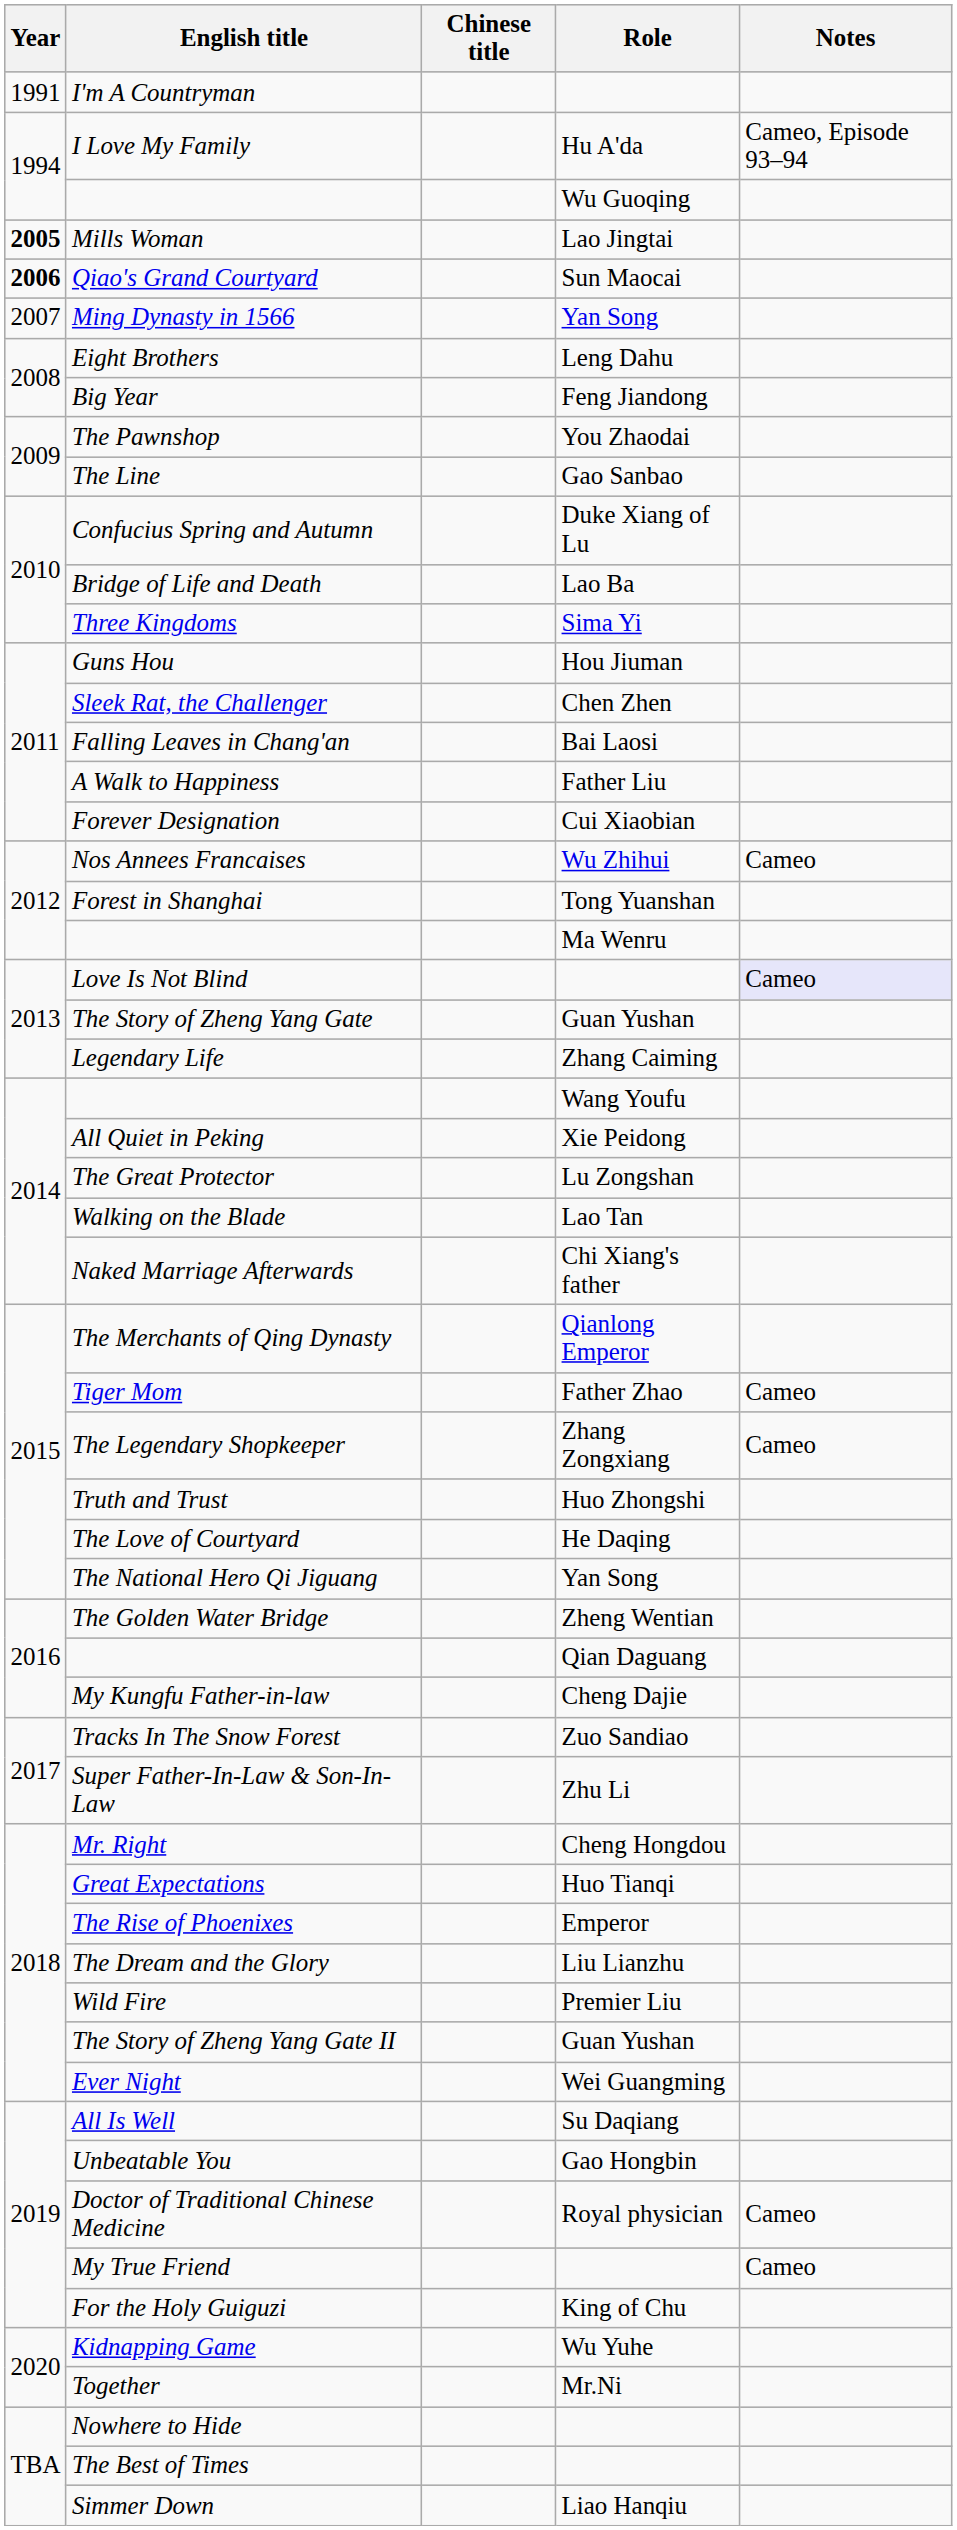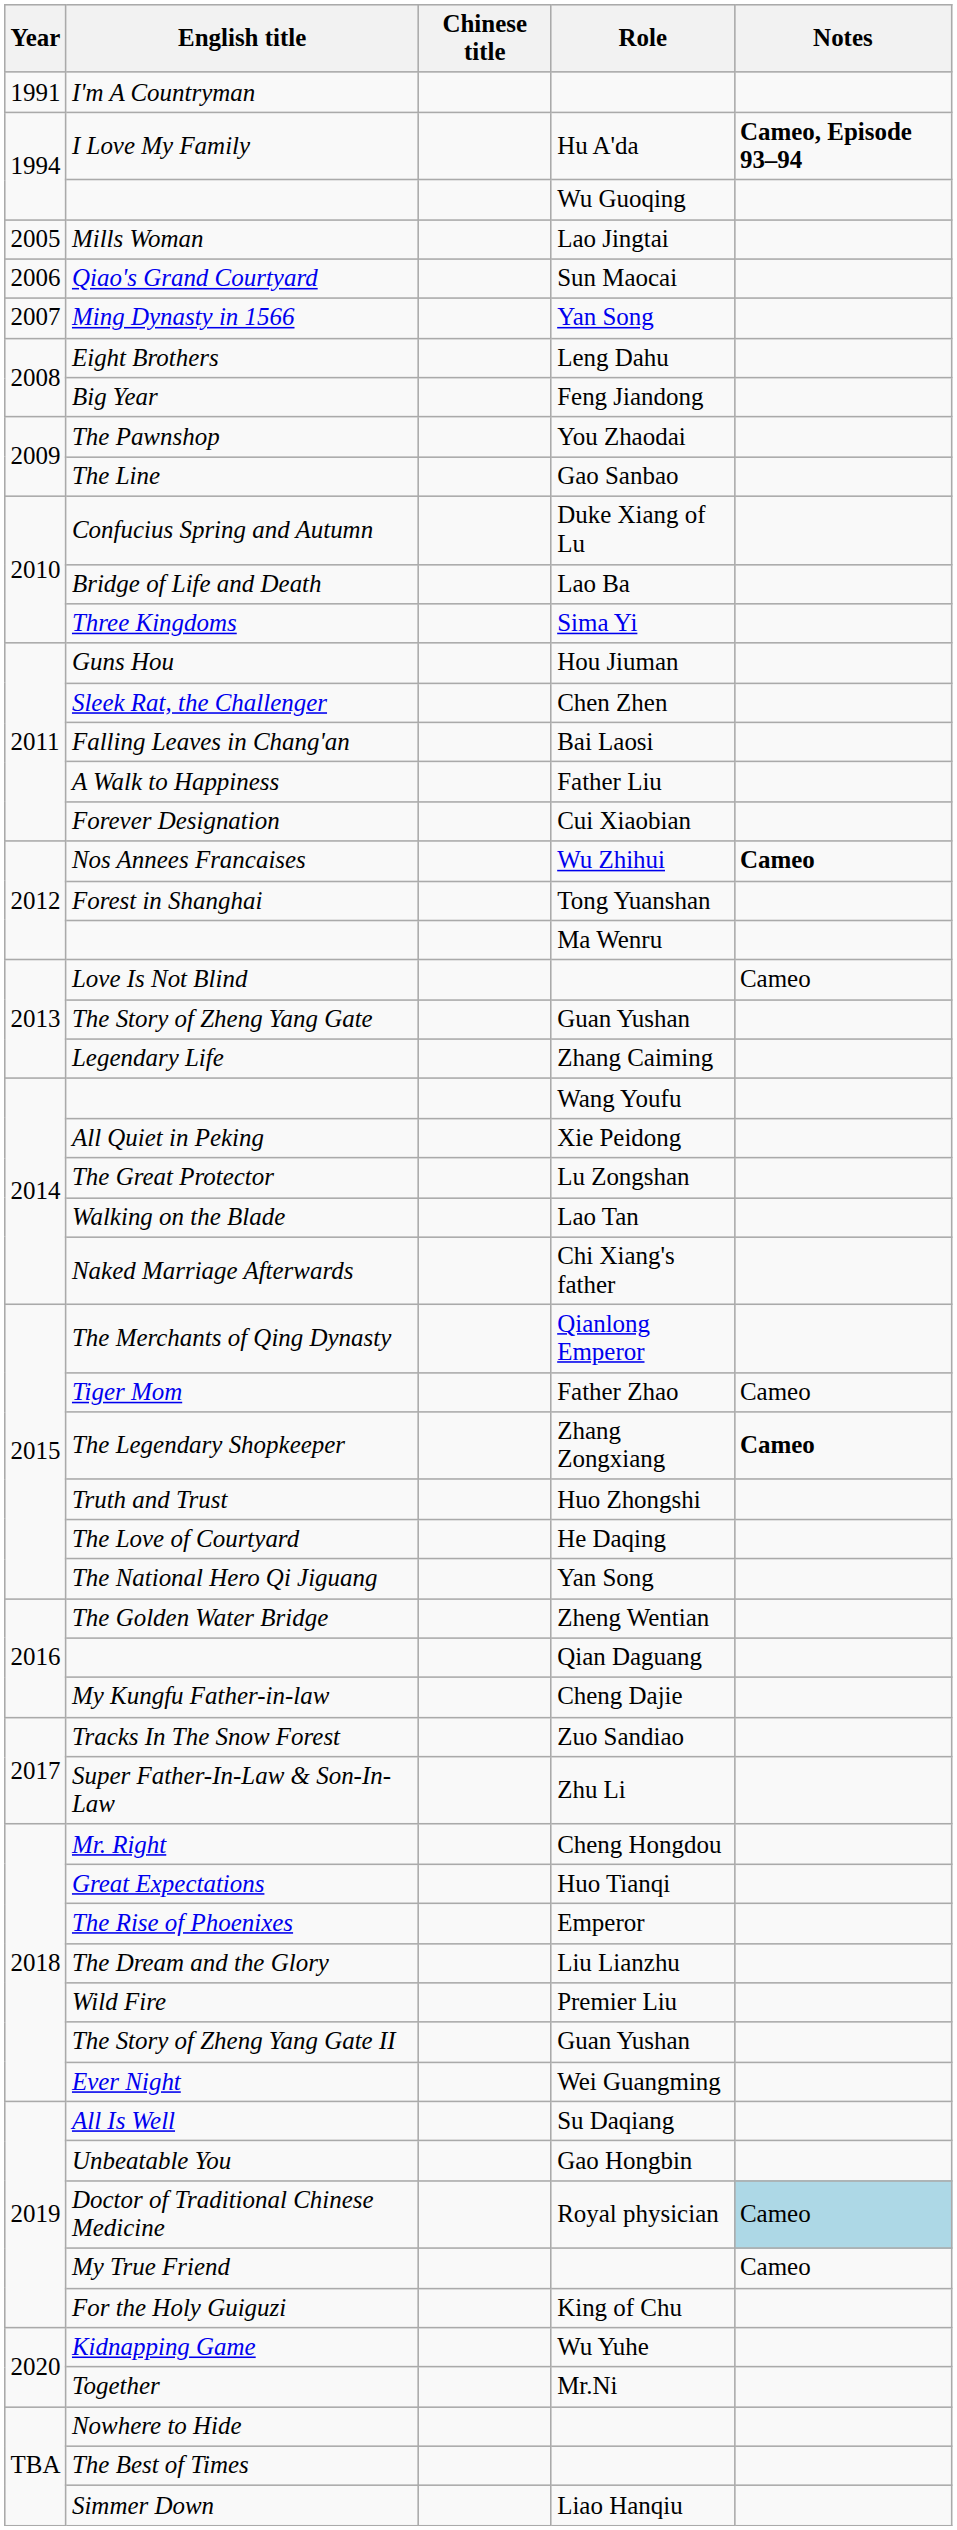 <table class="wikitable">
 <tr>
 <th>Year</th>
 <th>English title</th>
 <th>Chinese title</th>
 <th>Role</th>
 <th>Notes</th>
 </tr>
 <tr>
 <td>1991</td>
 <td><em>I'm A Countryman</em></td>
 <td></td>
 <td></td>
 <td></td>
 </tr>
 <tr>
 <td rowspan="2">1994</td>
 <td><em>I Love My Family</em></td>
 <td></td>
 <td>Hu A'da</td>
-<td>Cameo, Episode 93–94</td>
+<td><strong>Cameo, Episode 93–94</strong></td>
 </tr>
 <tr>
 <td></td>
 <td></td>
 <td>Wu Guoqing</td>
 <td></td>
 </tr>
 <tr>
-<td><strong>2005</strong></td>
+<td>2005</td>
 <td><em>Mills Woman</em></td>
 <td></td>
 <td>Lao Jingtai</td>
 <td></td>
 </tr>
 <tr>
-<td><strong>2006</strong></td>
+<td>2006</td>
 <td><em><a href='#'>Qiao's Grand Courtyard</a></em></td>
 <td></td>
 <td>Sun Maocai</td>
 <td></td>
 </tr>
 <tr>
 <td>2007</td>
 <td><em><a href='#'>Ming Dynasty in 1566</a></em></td>
 <td></td>
 <td><a href='#'>Yan Song</a></td>
 <td></td>
 </tr>
 <tr>
 <td rowspan="2">2008</td>
 <td><em>Eight Brothers</em></td>
 <td></td>
 <td>Leng Dahu</td>
 <td></td>
 </tr>
 <tr>
 <td><em>Big Year</em></td>
 <td></td>
 <td>Feng Jiandong</td>
 <td></td>
 </tr>
 <tr>
 <td rowspan="2">2009</td>
 <td><em>The Pawnshop</em></td>
 <td></td>
 <td>You Zhaodai</td>
 <td></td>
 </tr>
 <tr>
 <td><em>The Line</em></td>
 <td></td>
 <td>Gao Sanbao</td>
 <td></td>
 </tr>
 <tr>
 <td rowspan="3">2010</td>
 <td><em>Confucius Spring and Autumn</em></td>
 <td></td>
 <td>Duke Xiang of Lu</td>
 <td></td>
 </tr>
 <tr>
 <td><em>Bridge of Life and Death</em></td>
 <td></td>
 <td>Lao Ba</td>
 <td></td>
 </tr>
 <tr>
 <td><em><a href='#'>Three Kingdoms</a></em></td>
 <td></td>
 <td><a href='#'>Sima Yi</a></td>
 <td></td>
 </tr>
 <tr>
 <td rowspan="5">2011</td>
 <td><em>Guns Hou</em></td>
 <td></td>
 <td>Hou Jiuman</td>
 <td></td>
 </tr>
 <tr>
 <td><em><a href='#'>Sleek Rat, the Challenger</a></em></td>
 <td></td>
 <td>Chen Zhen</td>
 <td></td>
 </tr>
 <tr>
 <td><em>Falling Leaves in Chang'an</em></td>
 <td></td>
 <td>Bai Laosi</td>
 <td></td>
 </tr>
 <tr>
 <td><em>A Walk to Happiness</em></td>
 <td></td>
 <td>Father Liu</td>
 <td></td>
 </tr>
 <tr>
 <td><em>Forever Designation</em></td>
 <td></td>
 <td>Cui Xiaobian</td>
 <td></td>
 </tr>
 <tr>
 <td rowspan="3">2012</td>
 <td><em>Nos Annees Francaises</em></td>
 <td></td>
 <td><a href='#'>Wu Zhihui</a></td>
-<td>Cameo</td>
+<td><strong>Cameo</strong></td>
 </tr>
 <tr>
 <td><em>Forest in Shanghai</em></td>
 <td></td>
 <td>Tong Yuanshan</td>
 <td></td>
 </tr>
 <tr>
 <td></td>
 <td></td>
 <td>Ma Wenru</td>
 <td></td>
 </tr>
 <tr>
 <td rowspan="3">2013</td>
 <td><em>Love Is Not Blind</em></td>
 <td></td>
 <td></td>
-<td style="background: lavender;">Cameo</td>
+<td>Cameo</td>
 </tr>
 <tr>
 <td><em>The Story of Zheng Yang Gate</em></td>
 <td></td>
 <td>Guan Yushan</td>
 <td></td>
 </tr>
 <tr>
 <td><em>Legendary Life</em></td>
 <td></td>
 <td>Zhang Caiming</td>
 <td></td>
 </tr>
 <tr>
 <td rowspan="5">2014</td>
 <td></td>
 <td></td>
 <td>Wang Youfu</td>
 <td></td>
 </tr>
 <tr>
 <td><em>All Quiet in Peking</em></td>
 <td></td>
 <td>Xie Peidong</td>
 <td></td>
 </tr>
 <tr>
 <td><em>The Great Protector</em></td>
 <td></td>
 <td>Lu Zongshan</td>
 <td></td>
 </tr>
 <tr>
 <td><em> Walking on the Blade</em></td>
 <td></td>
 <td>Lao Tan</td>
 <td></td>
 </tr>
 <tr>
 <td><em>Naked Marriage Afterwards</em></td>
 <td></td>
 <td>Chi Xiang's father</td>
 <td></td>
 </tr>
 <tr>
 <td rowspan="6">2015</td>
 <td><em>The Merchants of Qing Dynasty</em></td>
 <td></td>
 <td><a href='#'>Qianlong Emperor</a></td>
 <td></td>
 </tr>
 <tr>
 <td><em><a href='#'>Tiger Mom</a></em></td>
 <td></td>
 <td>Father Zhao</td>
 <td>Cameo</td>
 </tr>
 <tr>
 <td><em>The Legendary Shopkeeper</em></td>
 <td></td>
 <td>Zhang Zongxiang</td>
-<td>Cameo</td>
+<td><strong>Cameo</strong></td>
 </tr>
 <tr>
 <td><em>Truth and Trust</em></td>
 <td></td>
 <td>Huo Zhongshi</td>
 <td></td>
 </tr>
 <tr>
 <td><em>The Love of Courtyard</em></td>
 <td></td>
 <td>He Daqing</td>
 <td></td>
 </tr>
 <tr>
 <td><em>The National Hero Qi Jiguang</em></td>
 <td></td>
 <td>Yan Song</td>
 <td></td>
 </tr>
 <tr>
 <td rowspan=3>2016</td>
 <td><em>The Golden Water Bridge</em></td>
 <td></td>
 <td>Zheng Wentian</td>
 <td></td>
 </tr>
 <tr>
 <td></td>
 <td></td>
 <td>Qian Daguang</td>
 <td></td>
 </tr>
 <tr>
 <td><em>My Kungfu Father-in-law</em></td>
 <td></td>
 <td>Cheng Dajie</td>
 <td></td>
 </tr>
 <tr>
 <td rowspan=2>2017</td>
 <td><em>Tracks In The Snow Forest</em></td>
 <td></td>
 <td>Zuo Sandiao</td>
 <td></td>
 </tr>
 <tr>
 <td><em>Super Father-In-Law & Son-In-Law</em></td>
 <td></td>
 <td>Zhu Li</td>
 <td></td>
 </tr>
 <tr>
 <td rowspan=7>2018</td>
 <td><em><a href='#'>Mr. Right</a></em></td>
 <td></td>
 <td>Cheng Hongdou</td>
 <td></td>
 </tr>
 <tr>
 <td><em><a href='#'>Great Expectations</a></em></td>
 <td></td>
 <td>Huo Tianqi</td>
 <td></td>
 </tr>
 <tr>
 <td><em><a href='#'>The Rise of Phoenixes</a></em></td>
 <td></td>
 <td>Emperor</td>
 <td></td>
 </tr>
 <tr>
 <td><em>The Dream and the Glory</em></td>
 <td></td>
 <td>Liu Lianzhu</td>
 <td></td>
 </tr>
 <tr>
 <td><em>Wild Fire</em></td>
 <td></td>
 <td>Premier Liu</td>
 <td></td>
 </tr>
 <tr>
 <td><em>The Story of Zheng Yang Gate II</em></td>
 <td></td>
 <td>Guan Yushan</td>
 <td></td>
 </tr>
 <tr>
 <td><em><a href='#'>Ever Night</a></em></td>
 <td></td>
 <td>Wei Guangming</td>
 <td></td>
 </tr>
 <tr>
 <td rowspan=5>2019</td>
 <td><em><a href='#'>All Is Well</a></em></td>
 <td></td>
 <td>Su Daqiang</td>
 <td></td>
 </tr>
 <tr>
 <td><em>Unbeatable You</em></td>
 <td></td>
 <td>Gao Hongbin</td>
 <td></td>
 </tr>
 <tr>
 <td><em>Doctor of Traditional Chinese Medicine</em></td>
 <td></td>
 <td>Royal physician</td>
-<td>Cameo</td>
+<td style="background: lightblue;">Cameo</td>
 </tr>
 <tr>
 <td><em>My True Friend</em></td>
 <td></td>
 <td></td>
 <td>Cameo</td>
 </tr>
 <tr>
 <td><em>For the Holy Guiguzi</em></td>
 <td></td>
 <td>King of Chu</td>
 <td></td>
 </tr>
 <tr>
 <td rowspan=2>2020</td>
 <td><em><a href='#'>Kidnapping Game</a></em></td>
 <td></td>
 <td>Wu Yuhe</td>
 <td></td>
 </tr>
 <tr>
 <td><em>Together</em></td>
 <td></td>
 <td>Mr.Ni</td>
 <td></td>
 </tr>
 <tr>
 <td rowspan=4>TBA</td>
 <td><em>Nowhere to Hide</em></td>
 <td></td>
 <td></td>
 <td></td>
 </tr>
 <tr>
 <td><em>The Best of Times</em></td>
 <td></td>
 <td></td>
 <td></td>
 </tr>
 <tr>
 <td><em>Simmer Down </em></td>
 <td></td>
 <td>Liao Hanqiu</td>
 <td></td>
 </tr>
 </table>
